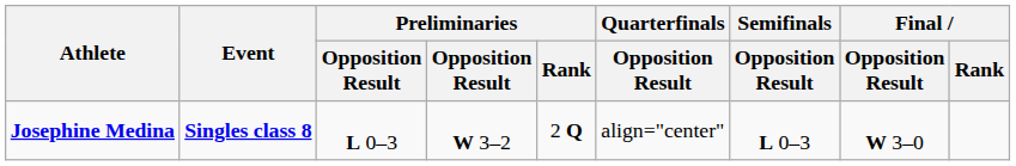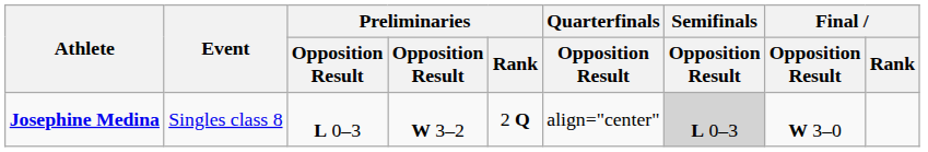 <table class=wikitable style="font-size:90%">
 <tr>
 <th rowspan="2">Athlete</th>
 <th rowspan="2">Event</th>
 <th colspan="3">Preliminaries</th>
 <th>Quarterfinals</th>
 <th>Semifinals</th>
 <th colspan="2">Final / </th>
 </tr>
 <tr>
 <th>Opposition<br>Result</th>
 <th>Opposition<br>Result</th>
 <th>Rank</th>
 <th>Opposition<br>Result</th>
 <th>Opposition<br>Result</th>
 <th>Opposition<br>Result</th>
 <th>Rank</th>
 </tr>
 <tr>
 <td><strong><a href='#'>Josephine Medina</a></strong></td>
-<td><strong><a href='#'>Singles class 8</a></strong></td>
+<td><a href='#'>Singles class 8</a></td>
 <td align="center"> <br> <strong>L</strong> 0–3</td>
 <td align="center"> <br> <strong>W</strong> 3–2</td>
 <td align="center">2 <strong>Q</strong></td>
 <td>align="center" </td>
-<td align="center"> <br> <strong>L</strong> 0–3</td>
+<td align="center" style="background: lightgrey;"> <br> <strong>L</strong> 0–3</td>
 <td align="center"> <br> <strong>W</strong> 3–0</td>
 <td align="center"></td>
 </tr>
 </table>
